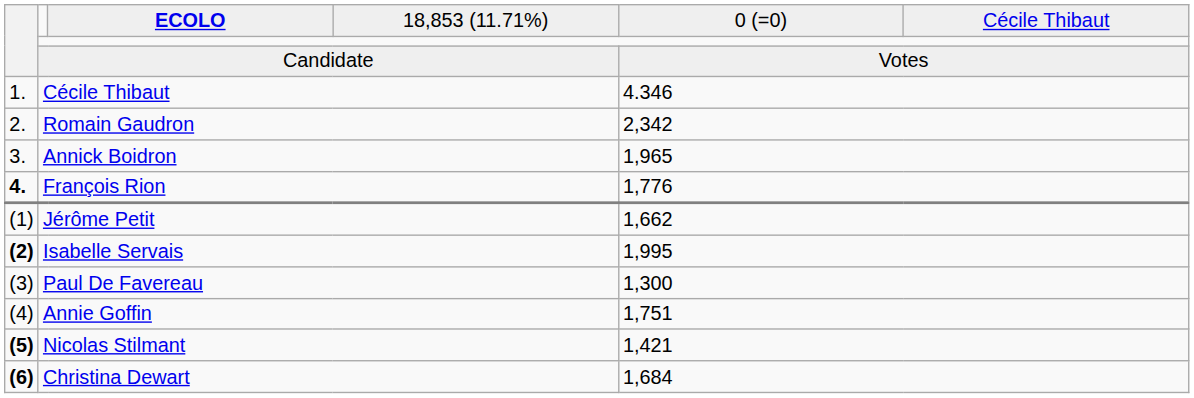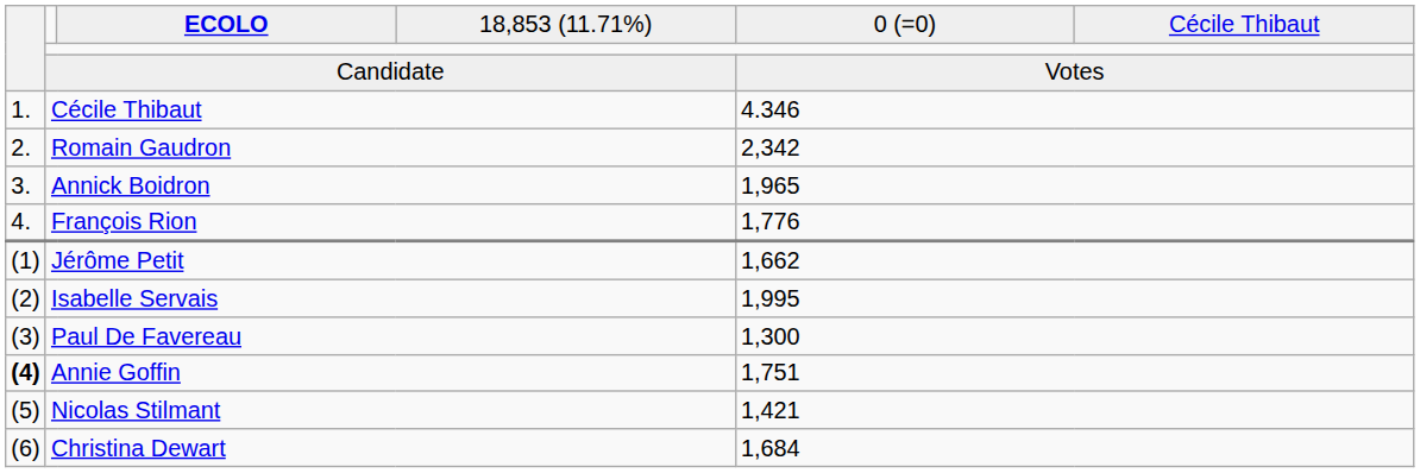 <table class="wikitable collapsible collapsed" style=text-align:left;font-size:90%>
 <tr>
 <th rowspan=3></th>
 <td bgcolor=></td>
 <td bgcolor=efefef width=200 align=center><strong> <a href='#'>ECOLO</a> </strong></td>
 <td bgcolor=efefef width=200 align=center>18,853 (11.71%)</td>
 <td bgcolor=efefef width=200 align=center>0 (=0)</td>
 <td bgcolor=efefef width=200 align=center><a href='#'>Cécile Thibaut</a></td>
 </tr>
 <tr>
 <td colspan=5 bgcolor=></td>
 </tr>
 <tr>
 <td bgcolor=efefef align=center colspan=3>Candidate</td>
 <td bgcolor=efefef align=center colspan=2>Votes</td>
 </tr>
 <tr>
 <td>1.</td>
 <td colspan=3><a href='#'>Cécile Thibaut</a></td>
 <td colspan=2>4.346</td>
 </tr>
 <tr>
 <td>2.</td>
 <td colspan=3><a href='#'>Romain Gaudron</a></td>
 <td colspan=2>2,342</td>
 </tr>
 <tr>
 <td>3.</td>
 <td colspan=3><a href='#'>Annick Boidron</a></td>
 <td colspan=2>1,965</td>
 </tr>
 <tr>
-<td><strong>4.</strong></td>
+<td>4.</td>
 <td colspan=3><a href='#'>François Rion</a></td>
 <td colspan=2>1,776</td>
 </tr>
 <tr style="border-top:2px solid gray;">
 <td>(1)</td>
 <td colspan=3><a href='#'>Jérôme Petit</a></td>
 <td colspan=2>1,662</td>
 </tr>
 <tr>
-<td><strong>(2)</strong></td>
+<td>(2)</td>
 <td colspan=3><a href='#'>Isabelle Servais</a></td>
 <td colspan=2>1,995</td>
 </tr>
 <tr>
 <td>(3)</td>
 <td colspan=3><a href='#'>Paul De Favereau</a></td>
 <td colspan=2>1,300</td>
 </tr>
 <tr>
-<td>(4)</td>
+<td><strong>(4)</strong></td>
 <td colspan=3><a href='#'>Annie Goffin</a></td>
 <td colspan=2>1,751</td>
 </tr>
 <tr>
-<td><strong>(5)</strong></td>
+<td>(5)</td>
 <td colspan=3><a href='#'>Nicolas Stilmant</a></td>
 <td colspan=2>1,421</td>
 </tr>
 <tr>
-<td><strong>(6)</strong></td>
+<td>(6)</td>
 <td colspan=3><a href='#'>Christina Dewart</a></td>
 <td colspan=2>1,684</td>
 </tr>
 </table>
